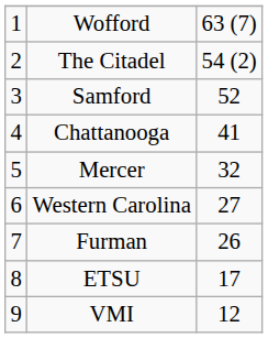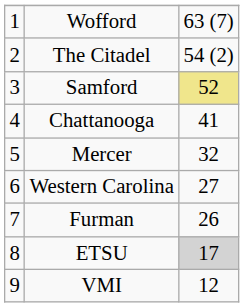 <table class="wikitable" style="display: inline-table;">
 <tr align="center">
 </tr>
 <tr align="center">
 <td>1</td>
 <td>Wofford</td>
 <td>63 (7)</td>
 </tr>
 <tr align="center">
 <td>2</td>
 <td>The Citadel</td>
 <td>54 (2)</td>
 </tr>
 <tr align="center">
 <td>3</td>
 <td>Samford</td>
-<td>52</td>
+<td style="background: khaki;">52</td>
 </tr>
 <tr align="center">
 <td>4</td>
 <td>Chattanooga</td>
 <td>41</td>
 </tr>
 <tr align="center">
 <td>5</td>
 <td>Mercer</td>
 <td>32</td>
 </tr>
 <tr align="center">
 <td>6</td>
 <td>Western Carolina</td>
 <td>27</td>
 </tr>
 <tr align="center">
 <td>7</td>
 <td>Furman</td>
 <td>26</td>
 </tr>
 <tr align="center">
 <td>8</td>
 <td>ETSU</td>
-<td>17</td>
+<td style="background: lightgrey;">17</td>
 </tr>
 <tr align="center">
 <td>9</td>
 <td>VMI</td>
 <td>12</td>
 </tr>
 </table>
